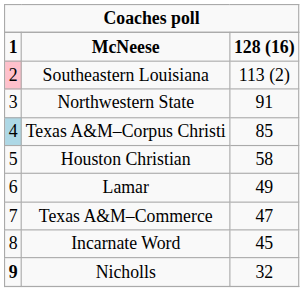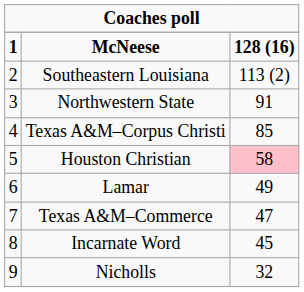 <table class="wikitable">
 <tr align="center">
 <td align="center" Colspan="3"><strong>Coaches poll</strong></td>
 </tr>
 <tr align="center">
 </tr>
 <tr align="center">
 <td><strong>1</strong></td>
 <td><strong>McNeese</strong></td>
 <td><strong>128 (16)</strong></td>
 </tr>
 <tr align="center">
-<td style="background: pink;">2</td>
+<td>2</td>
 <td>Southeastern Louisiana</td>
 <td>113 (2)</td>
 </tr>
 <tr align="center">
 <td>3</td>
 <td>Northwestern State</td>
 <td>91</td>
 </tr>
 <tr align="center">
-<td style="background: lightblue;">4</td>
+<td>4</td>
 <td>Texas A&M–Corpus Christi</td>
 <td>85</td>
 </tr>
 <tr align="center">
 <td>5</td>
 <td>Houston Christian</td>
-<td>58</td>
+<td style="background: pink;">58</td>
 </tr>
 <tr align="center">
 <td>6</td>
 <td>Lamar</td>
 <td>49</td>
 </tr>
 <tr align="center">
 <td>7</td>
 <td>Texas A&M–Commerce</td>
 <td>47</td>
 </tr>
 <tr align="center">
 <td>8</td>
 <td>Incarnate Word</td>
 <td>45</td>
 </tr>
 <tr align="center">
-<td><strong>9</strong></td>
+<td>9</td>
 <td>Nicholls</td>
 <td>32</td>
 </tr>
 <tr align="center">
 </tr>
 </table>
